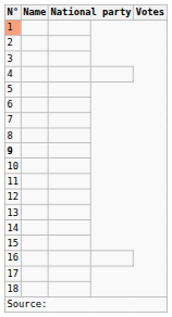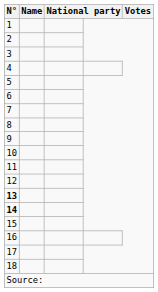 <table class="wikitable sortable" style="font-size:95%;line-height:14px;">
 <tr>
 <th>N°</th>
 <th>Name</th>
 <th colspan="2">National party</th>
 <th>Votes</th>
 </tr>
 <tr>
-<td style="background: lightsalmon;">1</td>
+<td>1</td>
 <td></td>
 <td></td>
 </tr>
 <tr>
 <td>2</td>
 <td></td>
 <td></td>
 </tr>
 <tr>
 <td>3</td>
 <td></td>
 <td></td>
 </tr>
 <tr>
 <td>4</td>
 <td></td>
 <td></td>
 <td></td>
 </tr>
 <tr>
 <td>5</td>
 <td></td>
 <td></td>
 </tr>
 <tr>
 <td>6</td>
 <td></td>
 <td></td>
 </tr>
 <tr>
 <td>7</td>
 <td></td>
 <td></td>
 </tr>
 <tr>
 <td>8</td>
 <td></td>
 <td></td>
 </tr>
 <tr>
-<td><strong>9</strong></td>
+<td>9</td>
 <td></td>
 <td></td>
 </tr>
 <tr>
 <td>10</td>
 <td></td>
 <td></td>
 </tr>
 <tr>
 <td>11</td>
 <td></td>
 <td></td>
 </tr>
 <tr>
 <td>12</td>
 <td></td>
 <td></td>
 </tr>
 <tr>
-<td>13</td>
+<td><strong>13</strong></td>
 <td></td>
 <td></td>
 </tr>
 <tr>
-<td>14</td>
+<td><strong>14</strong></td>
 <td></td>
 <td></td>
 </tr>
 <tr>
 <td>15</td>
 <td></td>
 <td></td>
 </tr>
 <tr>
 <td>16</td>
 <td><em></em></td>
 <td></td>
 <td></td>
 </tr>
 <tr>
 <td>17</td>
 <td></td>
 <td></td>
 </tr>
 <tr>
 <td>18</td>
 <td></td>
 <td></td>
 </tr>
 <tr>
 <td colspan="5">Source: </td>
 </tr>
 </table>
